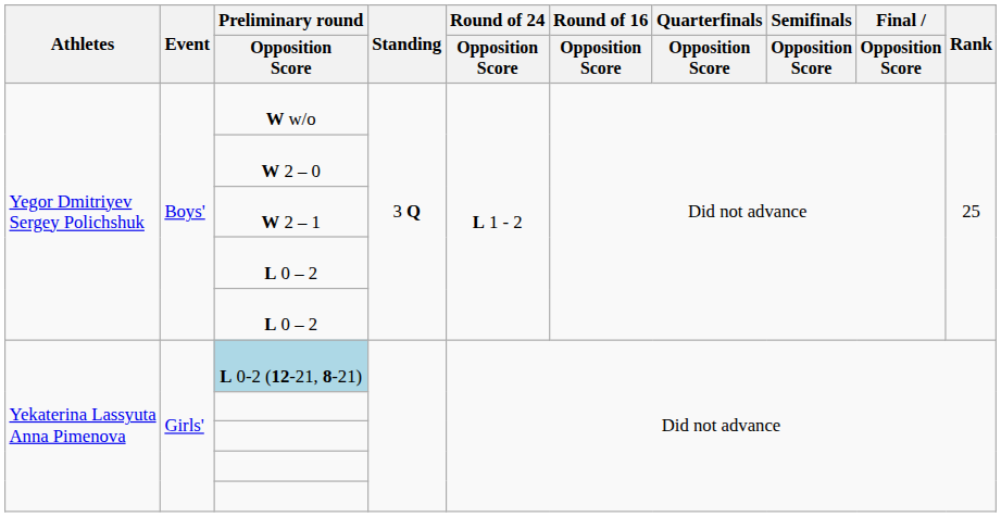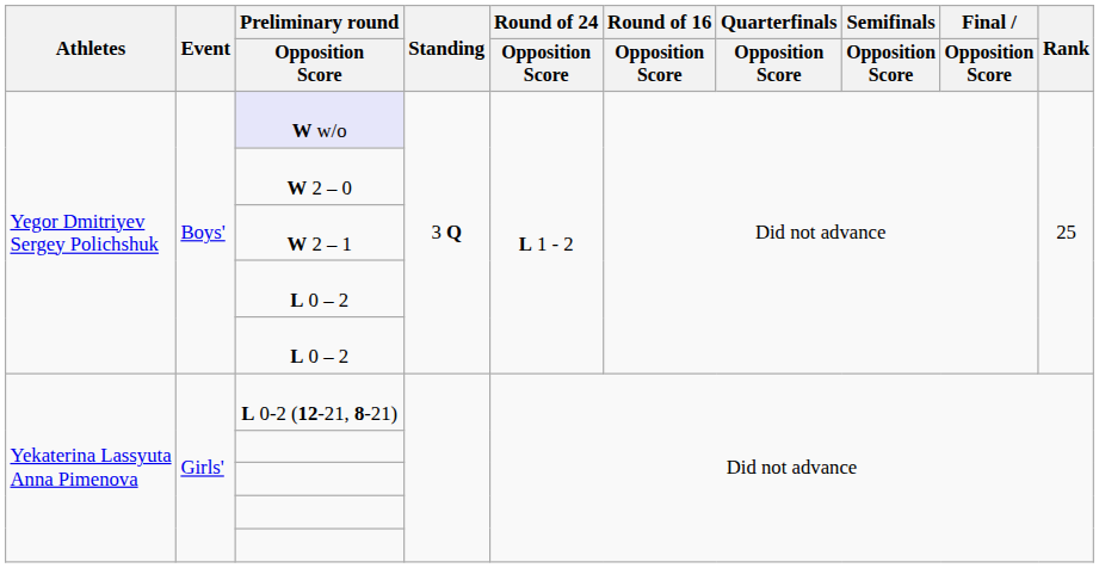 <table class=wikitable style="font-size:90%">
 <tr>
 <th rowspan="2">Athletes</th>
 <th rowspan="2">Event</th>
 <th>Preliminary round</th>
 <th rowspan="2">Standing</th>
 <th>Round of 24</th>
 <th>Round of 16</th>
 <th>Quarterfinals</th>
 <th>Semifinals</th>
 <th>Final / </th>
 <th rowspan=2>Rank</th>
 </tr>
 <tr style="font-size:95%">
 <th>Opposition<br>Score</th>
 <th>Opposition<br>Score</th>
 <th>Opposition<br>Score</th>
 <th>Opposition<br>Score</th>
 <th>Opposition<br>Score</th>
 <th>Opposition<br>Score</th>
 </tr>
 <tr align=center>
 <td align=left rowspan=5><a href='#'>Yegor Dmitriyev</a><br><a href='#'>Sergey Polichshuk</a></td>
 <td align=left rowspan=5><a href='#'>Boys'</a></td>
-<td><br><strong>W</strong> w/o</td>
+<td style="background: lavender;"><br><strong>W</strong> w/o</td>
 <td rowspan=5>3 <strong>Q</strong></td>
 <td rowspan=5><br><strong>L</strong> 1 - 2</td>
 <td rowspan=5 colspan=4>Did not advance</td>
 <td rowspan=5>25</td>
 </tr>
 <tr align=center>
 <td><br><strong>W</strong> 2 – 0</td>
 </tr>
 <tr align=center>
 <td><br><strong>W</strong> 2 – 1</td>
 </tr>
 <tr align=center>
 <td><br><strong>L</strong> 0 – 2</td>
 </tr>
 <tr align=center>
 <td><br><strong>L</strong> 0 – 2</td>
 </tr>
 <tr align=center>
 <td align=left rowspan=5><a href='#'>Yekaterina Lassyuta</a><br><a href='#'>Anna Pimenova</a></td>
 <td align=left rowspan=5><a href='#'>Girls'</a></td>
-<td style="background: lightblue;"><br> <strong>L</strong> 0-2 (<strong>12</strong>-21, <strong>8</strong>-21)</td>
+<td><br> <strong>L</strong> 0-2 (<strong>12</strong>-21, <strong>8</strong>-21)</td>
 <td rowspan=5></td>
 <td rowspan=5 colspan=6>Did not advance</td>
 </tr>
 <tr align=center>
 <td><br></td>
 </tr>
 <tr align=center>
 <td><br></td>
 </tr>
 <tr align=center>
 <td><br></td>
 </tr>
 <tr align=center>
 <td><br></td>
 </tr>
 </table>
